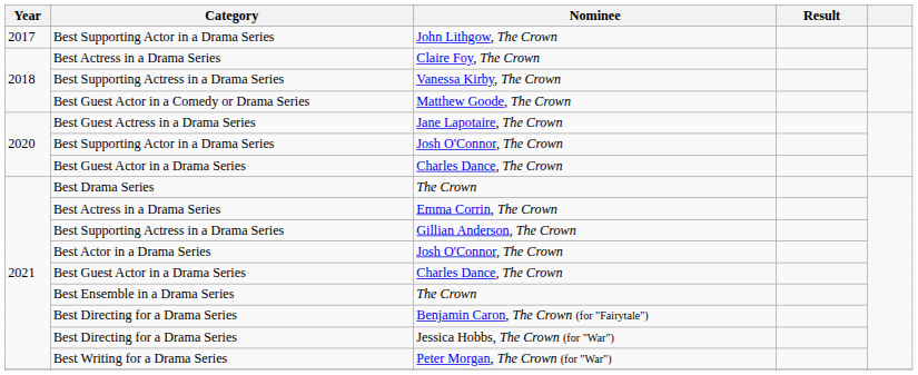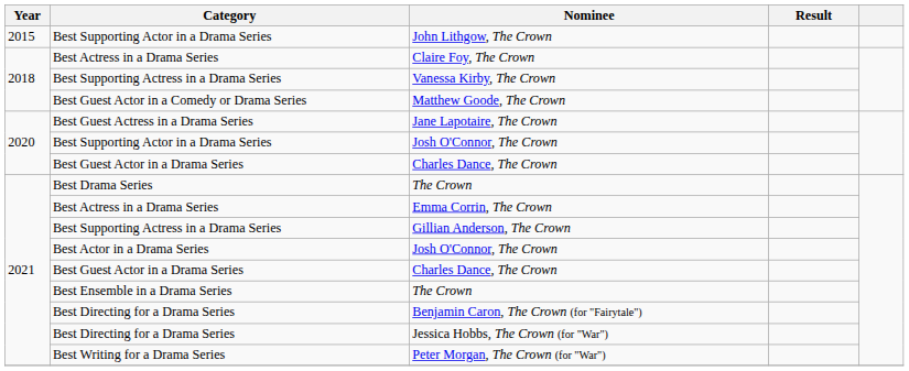 <table class="wikitable" style="width:85%;">
 <tr>
 <th width=5%>Year</th>
 <th style="width:40%;">Category</th>
 <th style="width:40%;">Nominee</th>
 <th style="width:10%;">Result</th>
 <th width=5%></th>
 </tr>
 <tr>
-<td vstyle="text-align: center;" rowspan="1">2017</td>
+<td vstyle="text-align: center;" rowspan="1">2015</td>
 <td>Best Supporting Actor in a Drama Series</td>
 <td><a href='#'>John Lithgow</a>, <em>The Crown</em></td>
 <td></td>
 <td rowspan="1"></td>
 </tr>
 <tr>
 <td vstyle="text-align: center;" rowspan="3">2018</td>
 <td>Best Actress in a Drama Series</td>
 <td><a href='#'>Claire Foy</a>, <em>The Crown</em></td>
 <td></td>
 <td rowspan="3"></td>
 </tr>
 <tr>
 <td>Best Supporting Actress in a Drama Series</td>
 <td><a href='#'>Vanessa Kirby</a>, <em>The Crown</em></td>
 <td></td>
 </tr>
 <tr>
 <td>Best Guest Actor in a Comedy or Drama Series</td>
 <td><a href='#'>Matthew Goode</a>, <em>The Crown</em></td>
 <td></td>
 </tr>
 <tr>
 <td vstyle="text-align: center;" rowspan="3">2020</td>
 <td>Best Guest Actress in a Drama Series</td>
 <td><a href='#'>Jane Lapotaire</a>, <em>The Crown</em></td>
 <td></td>
 <td rowspan="3"></td>
 </tr>
 <tr>
 <td>Best Supporting Actor in a Drama Series</td>
 <td><a href='#'>Josh O'Connor</a>, <em>The Crown</em></td>
 <td></td>
 </tr>
 <tr>
 <td>Best Guest Actor in a Drama Series</td>
 <td><a href='#'>Charles Dance</a>, <em>The Crown</em></td>
 <td></td>
 </tr>
 <tr>
 <td vstyle="text-align: center;" rowspan="9">2021</td>
 <td>Best Drama Series</td>
 <td><em>The Crown</em></td>
 <td></td>
 <td rowspan="9"></td>
 </tr>
 <tr>
 <td>Best Actress in a Drama Series</td>
 <td><a href='#'>Emma Corrin</a>, <em>The Crown</em></td>
 <td></td>
 </tr>
 <tr>
 <td>Best Supporting Actress in a Drama Series</td>
 <td><a href='#'>Gillian Anderson</a>, <em>The Crown</em></td>
 <td></td>
 </tr>
 <tr>
 <td>Best Actor in a Drama Series</td>
 <td><a href='#'>Josh O'Connor</a>, <em>The Crown</em></td>
 <td></td>
 </tr>
 <tr>
 <td>Best Guest Actor in a Drama Series</td>
 <td><a href='#'>Charles Dance</a>, <em>The Crown</em></td>
 <td></td>
 </tr>
 <tr>
 <td>Best Ensemble in a Drama Series</td>
 <td><em>The Crown</em></td>
 <td></td>
 </tr>
 <tr>
 <td>Best Directing for a Drama Series</td>
 <td><a href='#'>Benjamin Caron</a>, <em>The Crown</em> <small> (for "Fairytale")</small></td>
 <td></td>
 </tr>
 <tr>
 <td>Best Directing for a Drama Series</td>
 <td>Jessica Hobbs, <em>The Crown</em> <small> (for "War")</small></td>
 <td></td>
 </tr>
 <tr>
 <td>Best Writing for a Drama Series</td>
 <td><a href='#'>Peter Morgan</a>, <em>The Crown</em> <small> (for "War")</small></td>
 <td></td>
 </tr>
 <tr>
 </tr>
 </table>
